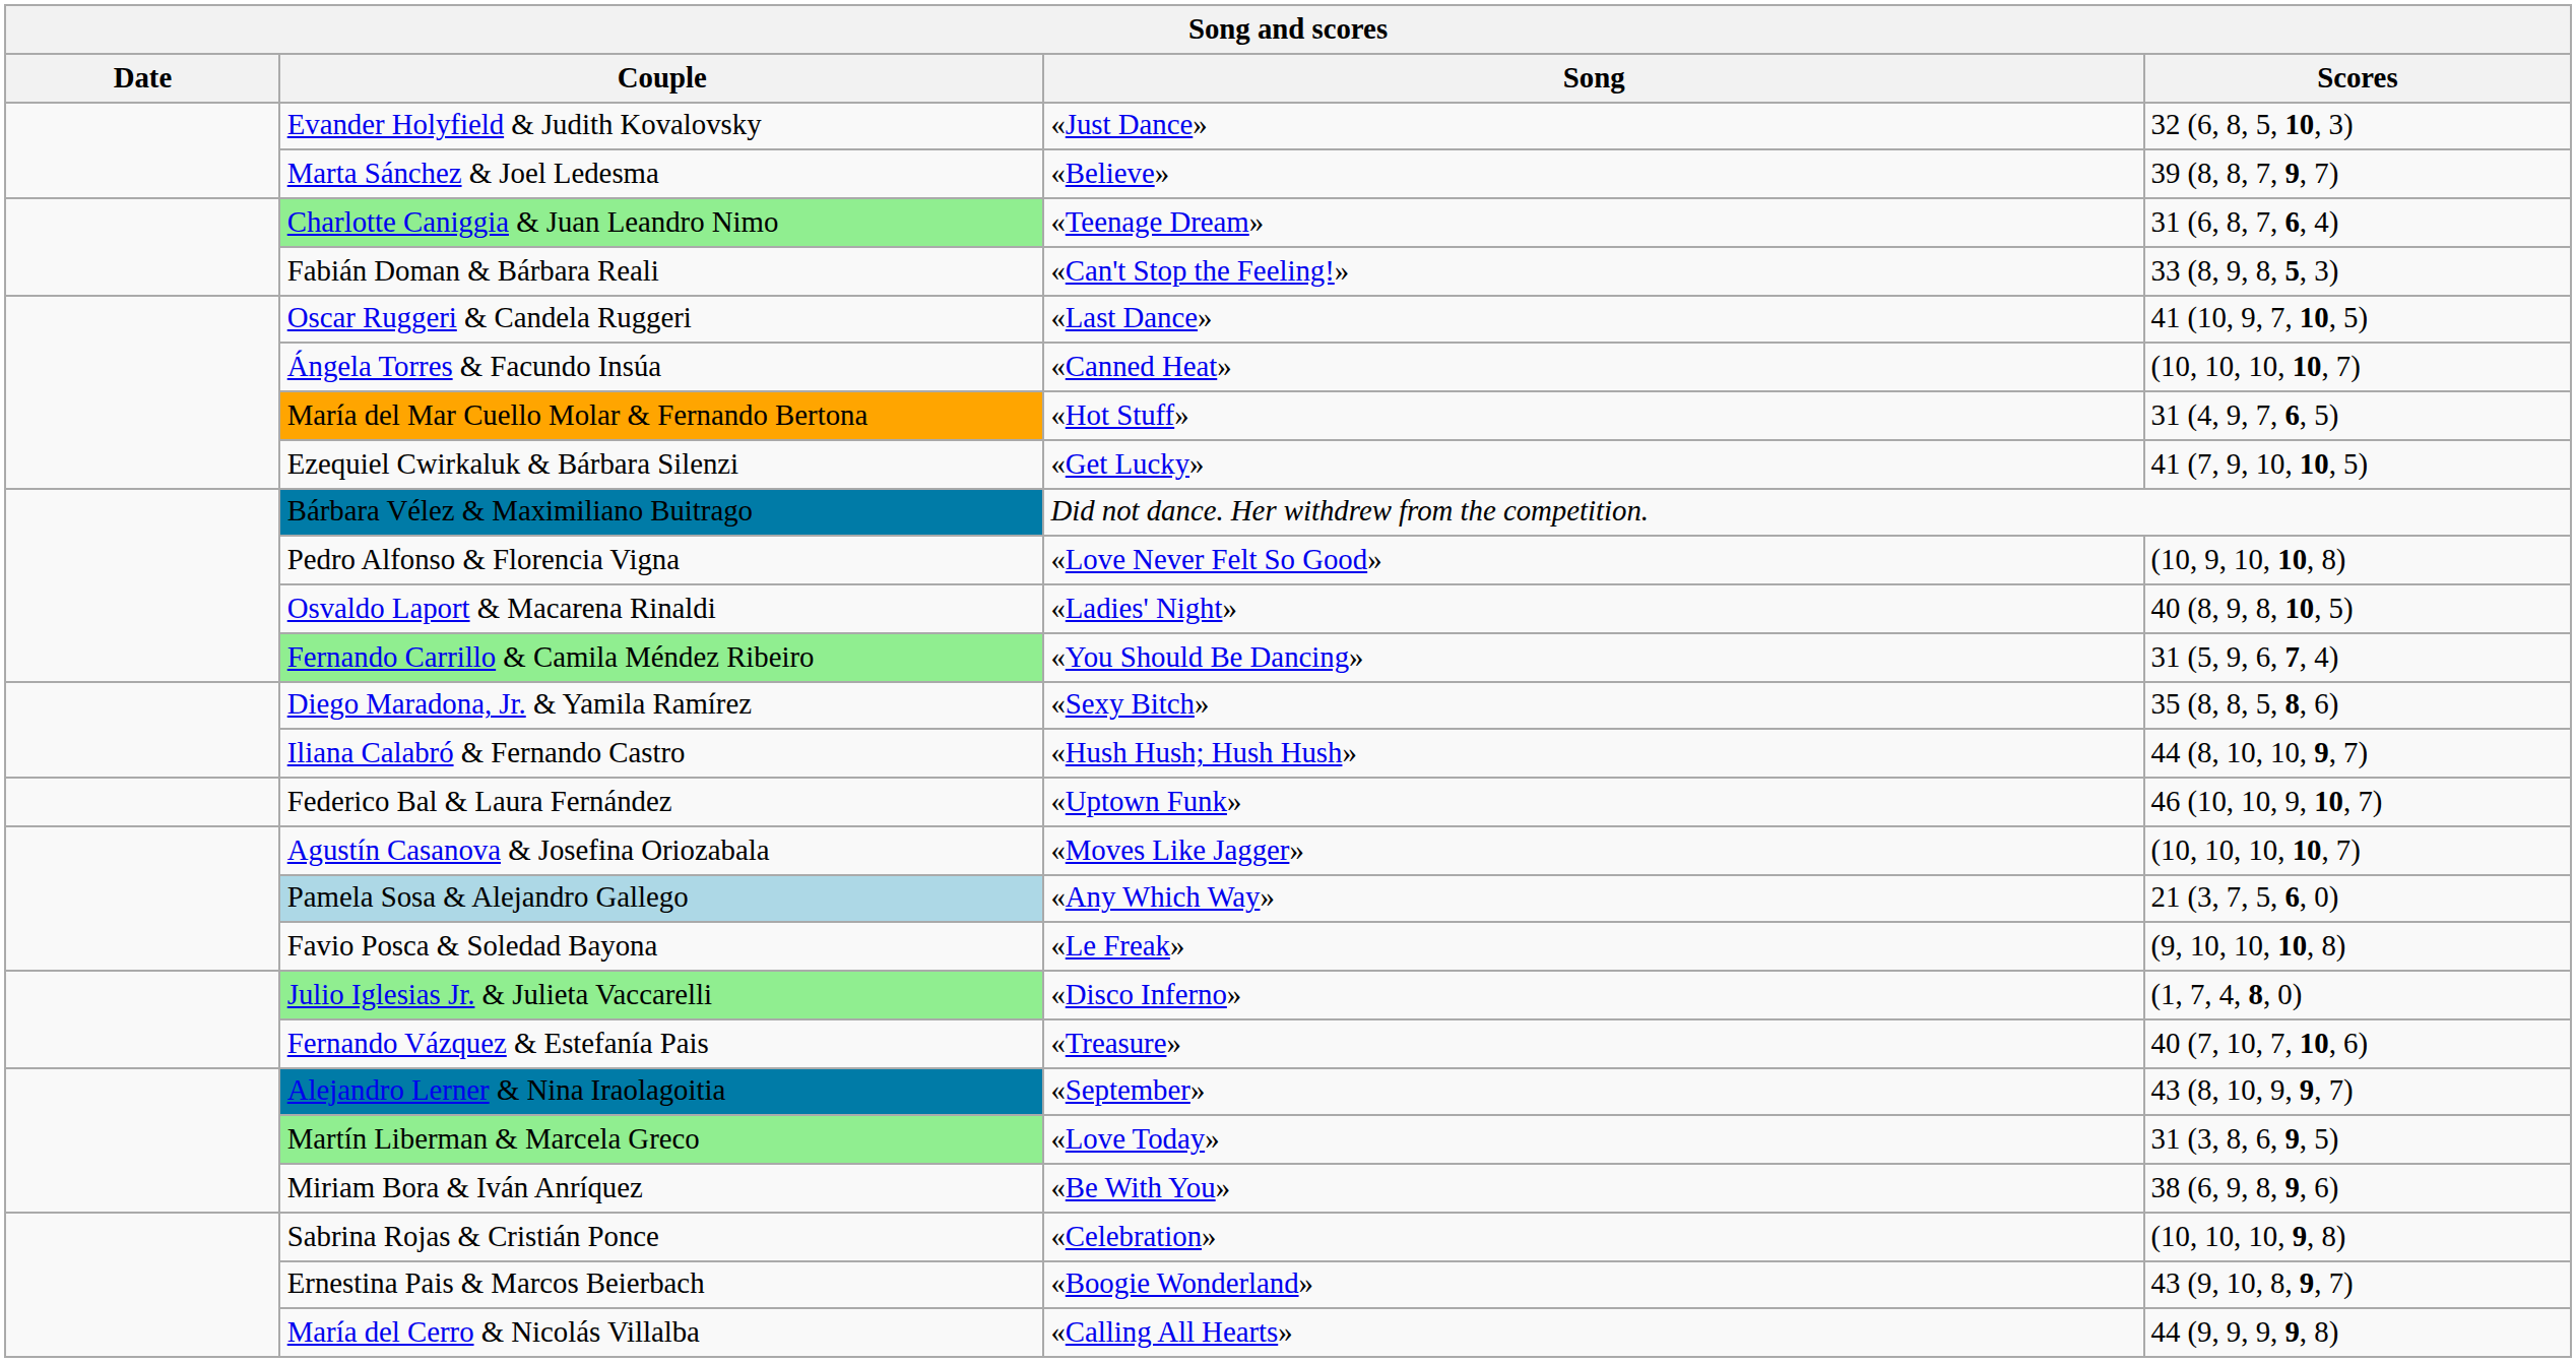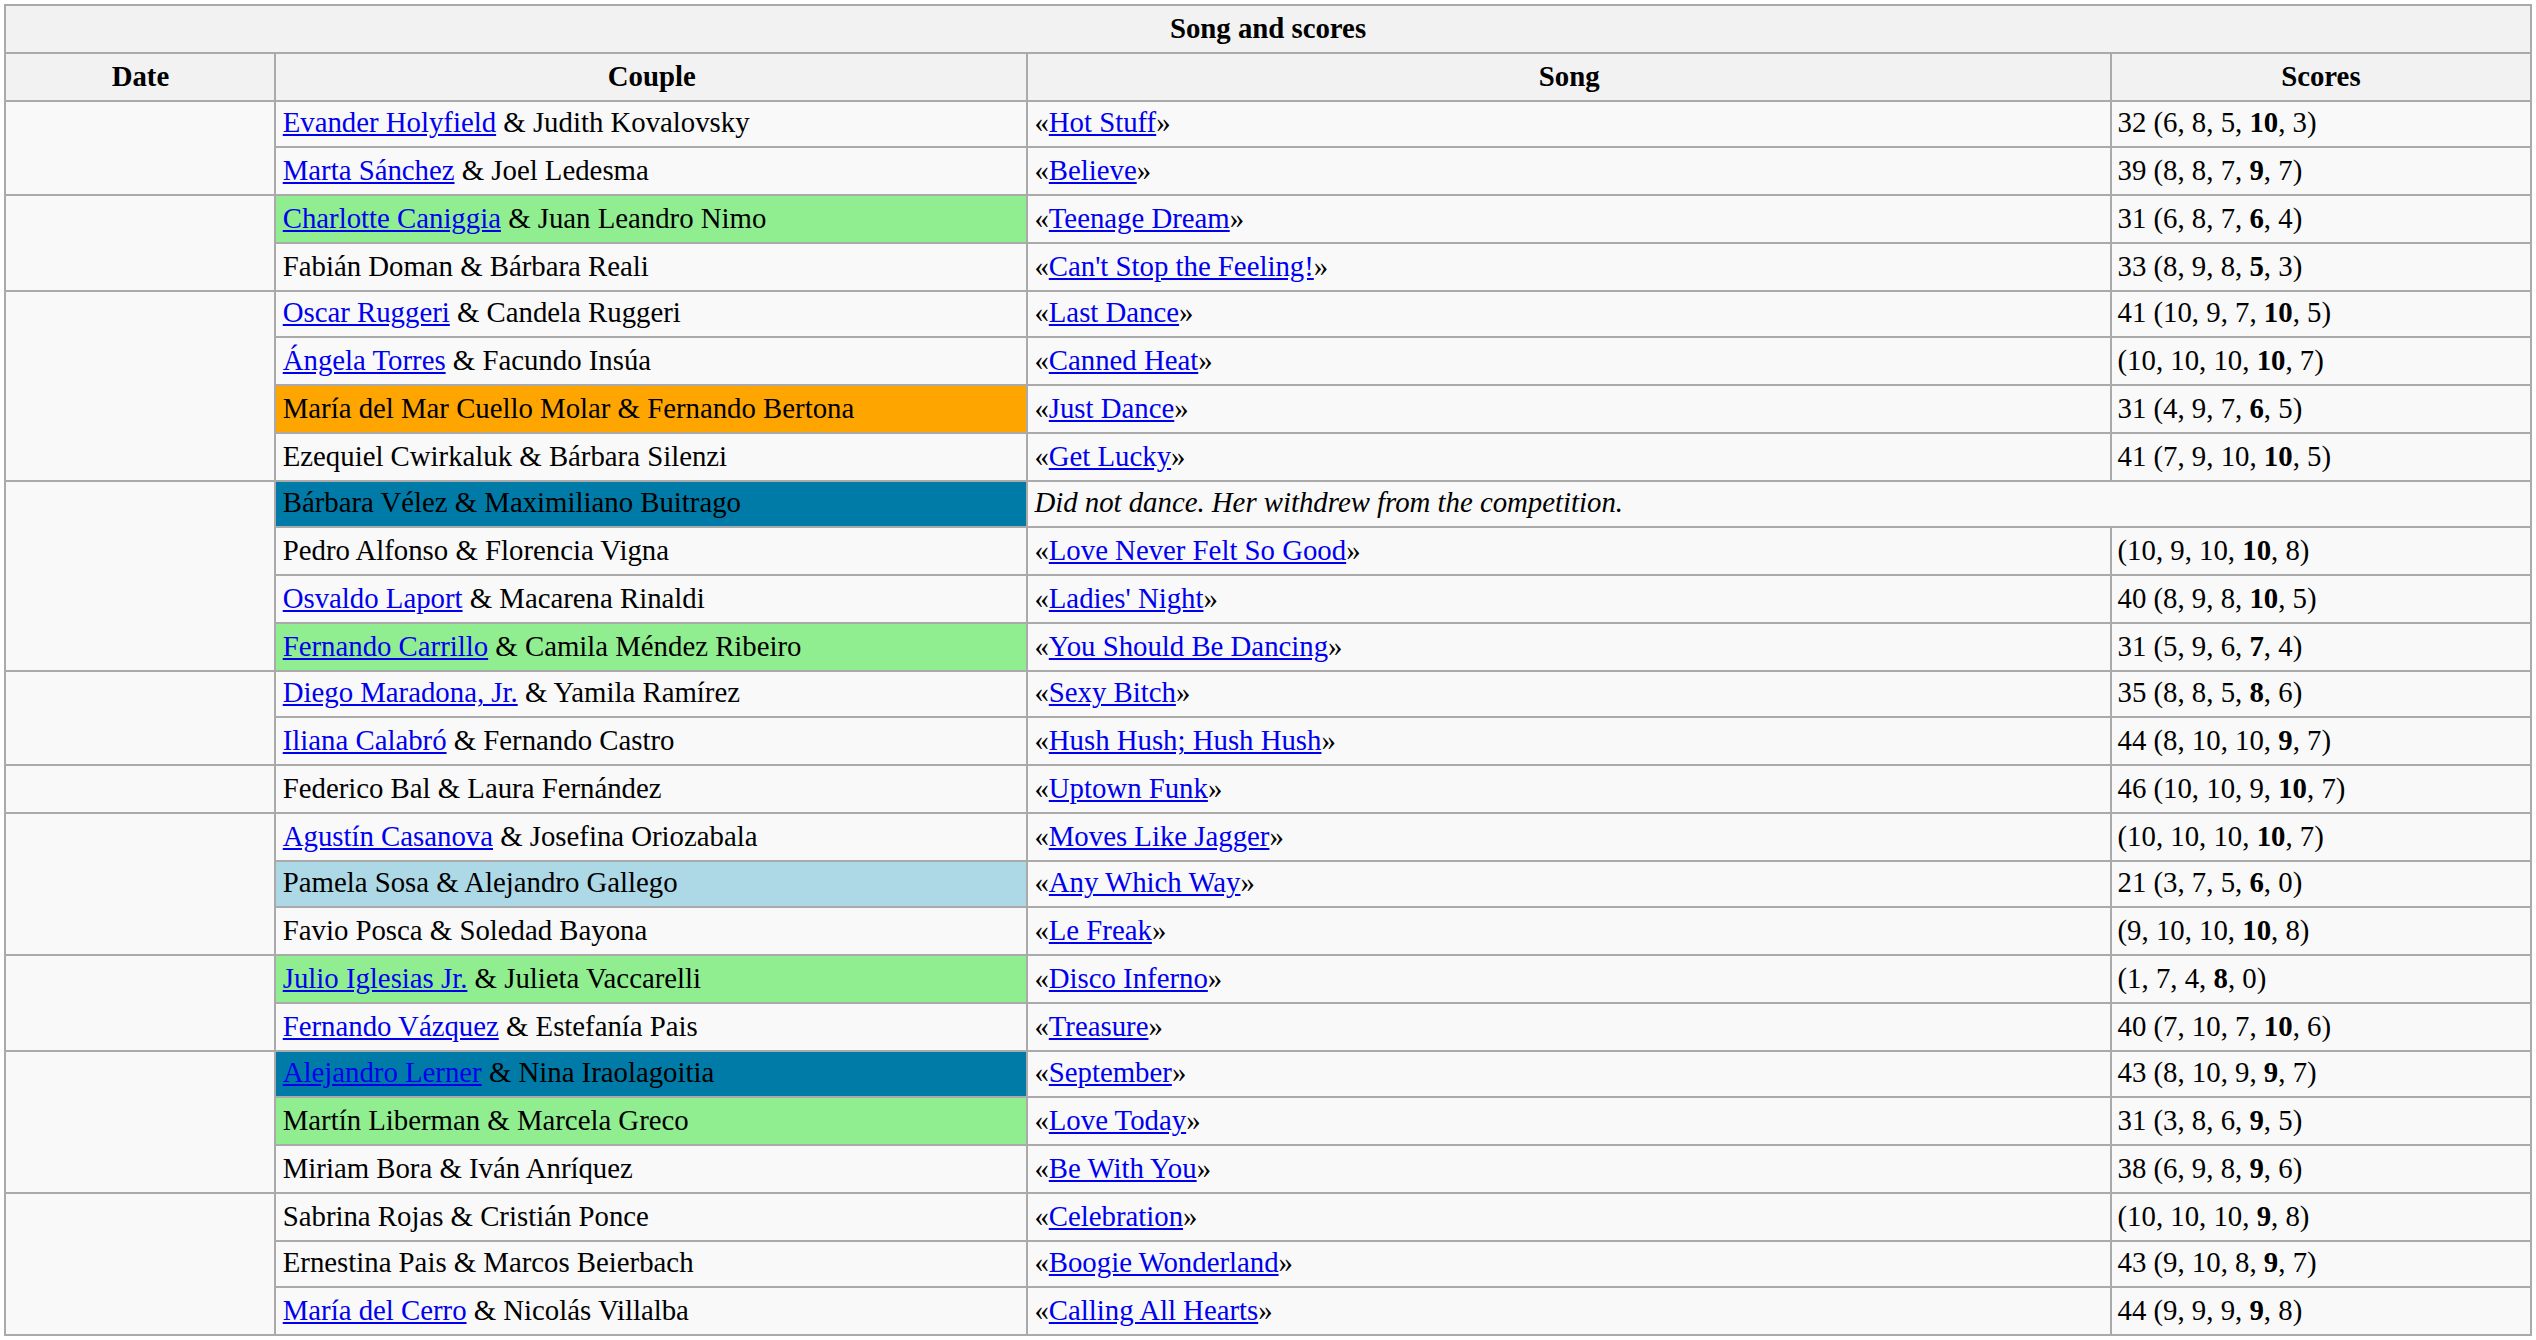 <table class="wikitable collapsible collapsed" style="text-align: align; width: 100%; font-size:90%;">
 <tr>
 <th colspan="11" style="with: 100%;" align="center">Song and scores</th>
 </tr>
 <tr>
 <th width=75>Date</th>
 <th width=220>Couple</th>
 <th width=320>Song</th>
 <th width=120>Scores</th>
 </tr>
 <tr>
 <td rowspan="2"></td>
 <td bgcolor=""><a href='#'>Evander Holyfield</a> & Judith Kovalovsky</td>
-<td>«<a href='#'>Just Dance</a>» </td>
+<td>«<a href='#'>Hot Stuff</a>» </td>
 <td>32 (6, 8, 5, <strong>10</strong>, 3)</td>
 </tr>
 <tr>
 <td bgcolor=""><a href='#'>Marta Sánchez</a> & Joel Ledesma</td>
 <td>«<a href='#'>Believe</a>» </td>
 <td>39 (8, 8, 7, <strong>9</strong>, 7)</td>
 </tr>
 <tr>
 <td rowspan="2"></td>
 <td bgcolor="lightgreen"><a href='#'>Charlotte Caniggia</a> & Juan Leandro Nimo</td>
 <td>«<a href='#'>Teenage Dream</a>» </td>
 <td>31 (6, 8, 7, <strong>6</strong>, 4)</td>
 </tr>
 <tr>
 <td bgcolor="">Fabián Doman & Bárbara Reali</td>
 <td>«<a href='#'>Can't Stop the Feeling!</a>» </td>
 <td>33 (8, 9, 8, <strong>5</strong>, 3)</td>
 </tr>
 <tr>
 <td rowspan="4"></td>
 <td bgcolor=""><a href='#'>Oscar Ruggeri</a> & Candela Ruggeri</td>
 <td>«<a href='#'>Last Dance</a>» </td>
 <td>41 (10, 9, 7, <strong>10</strong>, 5)</td>
 </tr>
 <tr>
 <td bgcolor=""><a href='#'>Ángela Torres</a> & Facundo Insúa</td>
 <td>«<a href='#'>Canned Heat</a>» </td>
 <td> (10, 10, 10, <strong>10</strong>, 7)</td>
 </tr>
 <tr>
 <td bgcolor="orange">María del Mar Cuello Molar & Fernando Bertona</td>
-<td>«<a href='#'>Hot Stuff</a>» </td>
+<td>«<a href='#'>Just Dance</a>» </td>
 <td>31 (4, 9, 7, <strong>6</strong>, 5)</td>
 </tr>
 <tr>
 <td bgcolor="">Ezequiel Cwirkaluk & Bárbara Silenzi</td>
 <td>«<a href='#'>Get Lucky</a>» </td>
 <td>41 (7, 9, 10, <strong>10</strong>, 5)</td>
 </tr>
 <tr>
 <td rowspan="4"></td>
 <td bgcolor="#007BA7">Bárbara Vélez & Maximiliano Buitrago</td>
 <td colspan="2"><em>Did not dance. Her withdrew from the competition.</em></td>
 </tr>
 <tr>
 <td bgcolor="">Pedro Alfonso & Florencia Vigna</td>
 <td>«<a href='#'>Love Never Felt So Good</a>» </td>
 <td> (10, 9, 10, <strong>10</strong>, 8)</td>
 </tr>
 <tr>
 <td bgcolor=""><a href='#'>Osvaldo Laport</a> & Macarena Rinaldi</td>
 <td>«<a href='#'>Ladies' Night</a>» </td>
 <td>40 (8, 9, 8, <strong>10</strong>, 5)</td>
 </tr>
 <tr>
 <td bgcolor="lightgreen"><a href='#'>Fernando Carrillo</a> & Camila Méndez Ribeiro</td>
 <td>«<a href='#'>You Should Be Dancing</a>» </td>
 <td>31 (5, 9, 6, <strong>7</strong>, 4)</td>
 </tr>
 <tr>
 <td rowspan="2"></td>
 <td bgcolor=""><a href='#'>Diego Maradona, Jr.</a> & Yamila Ramírez</td>
 <td>«<a href='#'>Sexy Bitch</a>» </td>
 <td>35 (8, 8, 5, <strong>8</strong>, 6)</td>
 </tr>
 <tr>
 <td bgcolor=""><a href='#'>Iliana Calabró</a> & Fernando Castro</td>
 <td>«<a href='#'>Hush Hush; Hush Hush</a>» </td>
 <td>44 (8, 10, 10, <strong>9</strong>, 7)</td>
 </tr>
 <tr>
 <td rowspan="1"></td>
 <td bgcolor="">Federico Bal & Laura Fernández</td>
 <td>«<a href='#'>Uptown Funk</a>» </td>
 <td>46 (10, 10, 9, <strong>10</strong>, 7)</td>
 </tr>
 <tr>
 <td rowspan="3"></td>
 <td bgcolor=""><a href='#'>Agustín Casanova</a> & Josefina Oriozabala</td>
 <td>«<a href='#'>Moves Like Jagger</a>» </td>
 <td> (10, 10, 10, <strong>10</strong>, 7)</td>
 </tr>
 <tr>
 <td bgcolor="lightblue">Pamela Sosa & Alejandro Gallego</td>
 <td>«<a href='#'>Any Which Way</a>» </td>
 <td>21 (3, 7, 5, <strong>6</strong>, 0)</td>
 </tr>
 <tr>
 <td bgcolor="">Favio Posca & Soledad Bayona</td>
 <td>«<a href='#'>Le Freak</a>» </td>
 <td> (9, 10, 10, <strong>10</strong>, 8)</td>
 </tr>
 <tr>
 <td rowspan="2"></td>
 <td bgcolor="lightgreen"><a href='#'>Julio Iglesias Jr.</a> & Julieta Vaccarelli</td>
 <td>«<a href='#'>Disco Inferno</a>» </td>
 <td> (1, 7, 4, <strong>8</strong>, 0)</td>
 </tr>
 <tr>
 <td bgcolor=""><a href='#'>Fernando Vázquez</a> & Estefanía Pais</td>
 <td>«<a href='#'>Treasure</a>» </td>
 <td>40 (7, 10, 7, <strong>10</strong>, 6)</td>
 </tr>
 <tr>
 <td rowspan="3"></td>
 <td bgcolor="#007BA7"><a href='#'>Alejandro Lerner</a> & Nina Iraolagoitia</td>
 <td>«<a href='#'>September</a>» </td>
 <td>43 (8, 10, 9, <strong>9</strong>, 7)</td>
 </tr>
 <tr>
 <td bgcolor="lightgreen">Martín Liberman & Marcela Greco</td>
 <td>«<a href='#'>Love Today</a>» </td>
 <td>31 (3, 8, 6, <strong>9</strong>, 5)</td>
 </tr>
 <tr>
 <td bgcolor="">Miriam Bora & Iván Anríquez</td>
 <td>«<a href='#'>Be With You</a>» </td>
 <td>38 (6, 9, 8, <strong>9</strong>, 6)</td>
 </tr>
 <tr>
 <td rowspan="3"></td>
 <td bgcolor="">Sabrina Rojas & Cristián Ponce</td>
 <td>«<a href='#'>Celebration</a>» </td>
 <td> (10, 10, 10, <strong>9</strong>, 8)</td>
 </tr>
 <tr>
 <td bgcolor="">Ernestina Pais & Marcos Beierbach</td>
 <td>«<a href='#'>Boogie Wonderland</a>» </td>
 <td>43 (9, 10, 8, <strong>9</strong>, 7)</td>
 </tr>
 <tr>
 <td bgcolor=""><a href='#'>María del Cerro</a> & Nicolás Villalba</td>
 <td>«<a href='#'>Calling All Hearts</a>» </td>
 <td>44 (9, 9, 9, <strong>9</strong>, 8)</td>
 </tr>
 </table>
